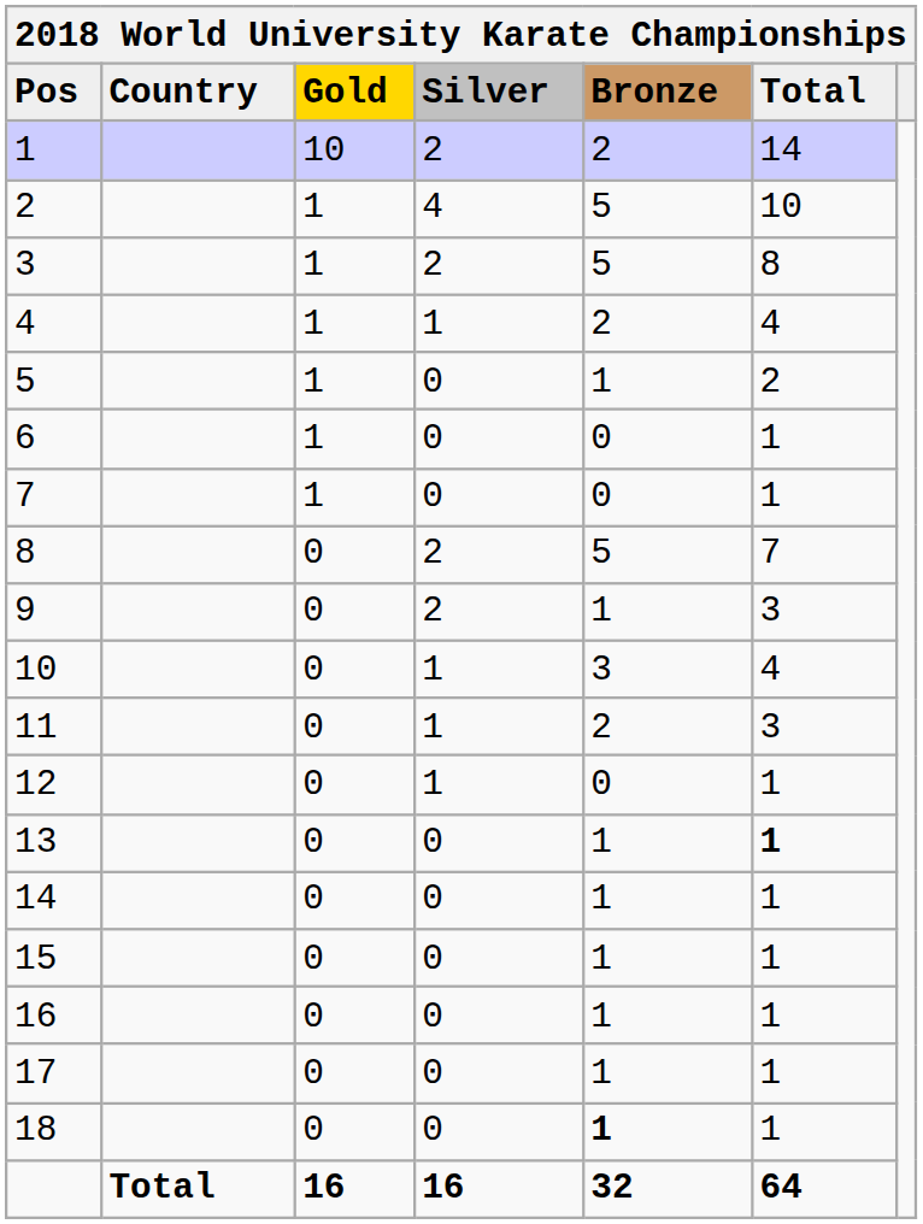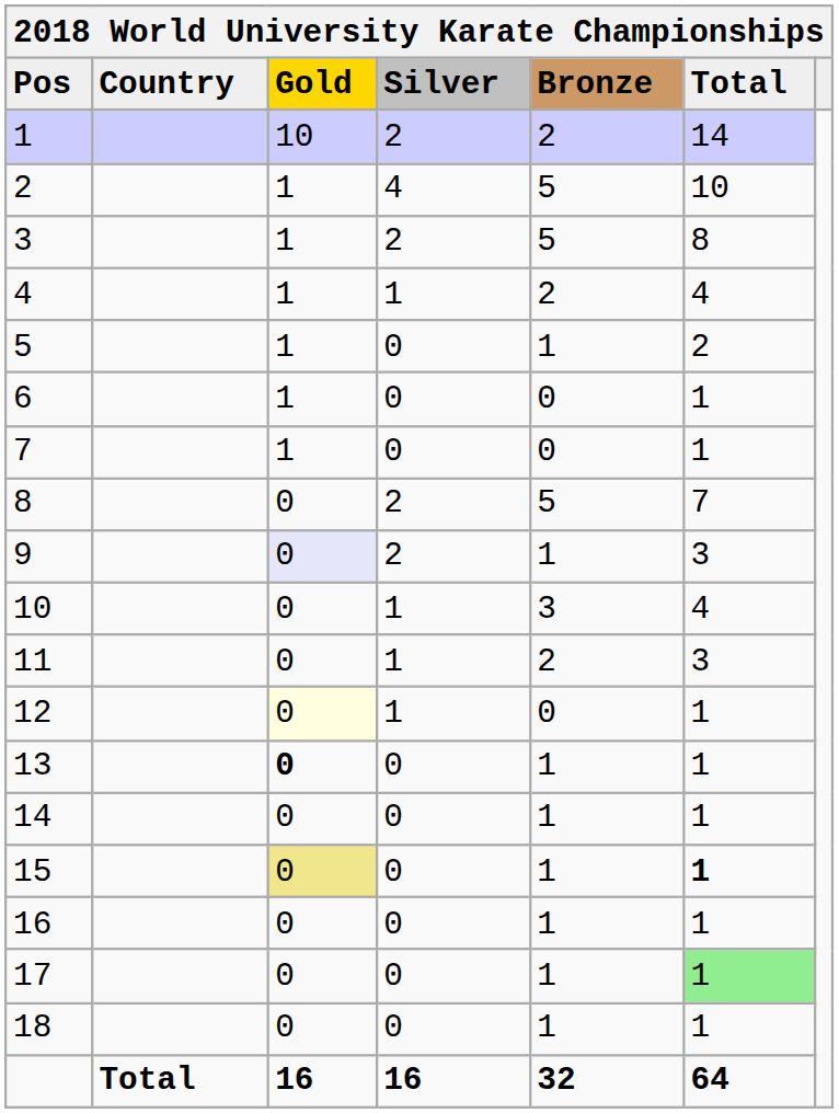 <table class="wikitable">
 <tr>
 <th colspan="7" style="border-right:0px;"><strong>2018 World University Karate Championships</strong></th>
 </tr>
 <tr bgcolor="#efefef">
 <td><strong>Pos</strong></td>
 <td><strong>Country</strong></td>
 <td bgcolor="gold"><strong>Gold</strong></td>
 <td bgcolor="silver"><strong>Silver</strong></td>
 <td bgcolor="CC9966"><strong>Bronze</strong></td>
 <td><strong>Total</strong></td>
 <td></td>
 </tr>
 <tr style="background:#ccccff">
 <td>1</td>
 <td></td>
 <td>10</td>
 <td>2</td>
 <td>2</td>
 <td>14</td>
 </tr>
 <tr>
 <td>2</td>
 <td></td>
 <td>1</td>
 <td>4</td>
 <td>5</td>
 <td>10</td>
 </tr>
 <tr>
 <td>3</td>
 <td></td>
 <td>1</td>
 <td>2</td>
 <td>5</td>
 <td>8</td>
 </tr>
 <tr>
 <td>4</td>
 <td></td>
 <td>1</td>
 <td>1</td>
 <td>2</td>
 <td>4</td>
 </tr>
 <tr>
 <td>5</td>
 <td></td>
 <td>1</td>
 <td>0</td>
 <td>1</td>
 <td>2</td>
 </tr>
 <tr>
 <td>6</td>
 <td></td>
 <td>1</td>
 <td>0</td>
 <td>0</td>
 <td>1</td>
 </tr>
 <tr>
 <td>7</td>
 <td></td>
 <td>1</td>
 <td>0</td>
 <td>0</td>
 <td>1</td>
 </tr>
 <tr>
 <td>8</td>
 <td></td>
 <td>0</td>
 <td>2</td>
 <td>5</td>
 <td>7</td>
 </tr>
 <tr>
 <td>9</td>
 <td></td>
-<td>0</td>
+<td style="background: lavender;">0</td>
 <td>2</td>
 <td>1</td>
 <td>3</td>
 </tr>
 <tr>
 <td>10</td>
 <td></td>
 <td>0</td>
 <td>1</td>
 <td>3</td>
 <td>4</td>
 </tr>
 <tr>
 <td>11</td>
 <td></td>
 <td>0</td>
 <td>1</td>
 <td>2</td>
 <td>3</td>
 </tr>
 <tr>
 <td>12</td>
 <td></td>
-<td>0</td>
+<td style="background: lightyellow;">0</td>
 <td>1</td>
 <td>0</td>
 <td>1</td>
 </tr>
 <tr>
 <td>13</td>
 <td></td>
-<td>0</td>
+<td><strong>0</strong></td>
 <td>0</td>
 <td>1</td>
-<td><strong>1</strong></td>
+<td>1</td>
 </tr>
 <tr>
 <td>14</td>
 <td></td>
 <td>0</td>
 <td>0</td>
 <td>1</td>
 <td>1</td>
 </tr>
 <tr>
 <td>15</td>
 <td></td>
-<td>0</td>
+<td style="background: khaki;">0</td>
 <td>0</td>
 <td>1</td>
-<td>1</td>
+<td><strong>1</strong></td>
 </tr>
 <tr>
 <td>16</td>
 <td></td>
 <td>0</td>
 <td>0</td>
 <td>1</td>
 <td>1</td>
 </tr>
 <tr>
 <td>17</td>
 <td></td>
 <td>0</td>
 <td>0</td>
 <td>1</td>
-<td>1</td>
+<td style="background: lightgreen;">1</td>
 </tr>
 <tr>
 <td>18</td>
 <td></td>
 <td>0</td>
 <td>0</td>
-<td><strong>1</strong></td>
+<td>1</td>
 <td>1</td>
 </tr>
 <tr>
 <td></td>
 <td><strong>Total</strong></td>
 <td><strong>16</strong></td>
 <td><strong>16</strong></td>
 <td><strong>32</strong></td>
 <td><strong>64</strong></td>
 </tr>
 </table>
